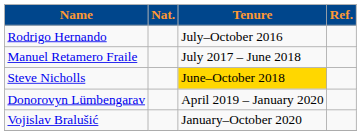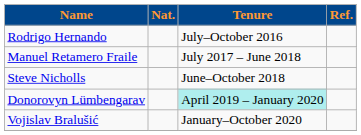 <table class="wikitable sortable">
 <tr>
 <th style="background:#00468C; color:#FF9933;" scope="col">Name</th>
 <th style="background:#00468C; color:#FF9933;" scope="col">Nat.</th>
 <th style="background:#00468C; color:#FF9933;" scope="col">Tenure</th>
 <th style="background:#00468C; color:#FF9933;" scope="col">Ref.</th>
 </tr>
 <tr>
 <td><a href='#'>Rodrigo Hernando</a></td>
 <td></td>
 <td>July–October 2016</td>
 <td></td>
 </tr>
 <tr>
 <td><a href='#'>Manuel Retamero Fraile</a></td>
 <td></td>
 <td>July 2017 – June 2018</td>
 <td></td>
 </tr>
 <tr>
 <td><a href='#'>Steve Nicholls</a></td>
 <td></td>
-<td style="background: gold;">June–October 2018</td>
+<td>June–October 2018</td>
 <td></td>
 </tr>
 <tr>
 <td><a href='#'>Donorovyn Lümbengarav</a></td>
 <td></td>
-<td>April 2019 – January 2020</td>
+<td style="background: paleturquoise;">April 2019 – January 2020</td>
 <td></td>
 </tr>
 <tr>
 <td><a href='#'>Vojislav Bralušić</a></td>
 <td></td>
 <td>January–October 2020</td>
 <td></td>
 </tr>
 <tr>
 </tr>
 </table>
